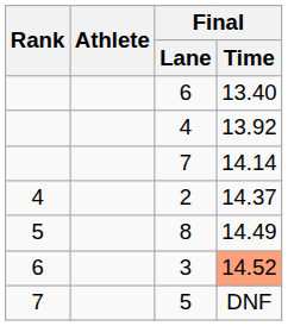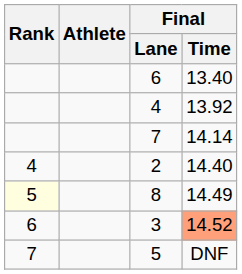 <table class="wikitable sortable"  style="text-align:center">
 <tr>
 <th rowspan="2" data-sort-type=number>Rank</th>
 <th rowspan="2">Athlete</th>
 <th colspan="2">Final</th>
 </tr>
 <tr>
 <th>Lane</th>
 <th>Time</th>
 </tr>
 <tr>
 <td></td>
 <td align="left"></td>
 <td>6</td>
 <td>13.40</td>
 </tr>
 <tr>
 <td></td>
 <td align="left"></td>
 <td>4</td>
 <td>13.92</td>
 </tr>
 <tr>
 <td></td>
 <td align="left"></td>
 <td>7</td>
 <td>14.14</td>
 </tr>
 <tr>
 <td>4</td>
 <td align="left"></td>
 <td>2</td>
-<td>14.37</td>
+<td>14.40</td>
 </tr>
 <tr>
-<td>5</td>
+<td style="background: lightyellow;">5</td>
 <td align="left"></td>
 <td>8</td>
 <td>14.49</td>
 </tr>
 <tr>
 <td>6</td>
 <td align="left"></td>
 <td>3</td>
 <td style="background: lightsalmon;">14.52</td>
 </tr>
 <tr>
 <td>7</td>
 <td align="left"></td>
 <td>5</td>
 <td>DNF</td>
 </tr>
 </table>
